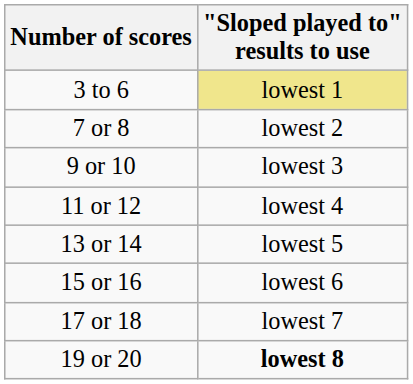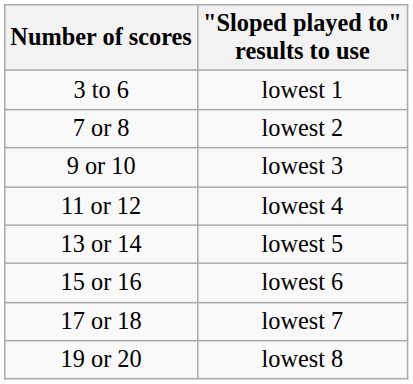 <table class="wikitable" style="float: center;">
 <tr>
 <th>Number of scores</th>
 <th>"Sloped played to"<br>results to use</th>
 </tr>
 <tr>
 <td align="center">3 to 6</td>
-<td align="center" style="background: khaki;">lowest 1</td>
+<td align="center">lowest 1</td>
 </tr>
 <tr>
 <td align="center">7 or 8</td>
 <td align="center">lowest 2</td>
 </tr>
 <tr>
 <td align="center">9 or 10</td>
 <td align="center">lowest 3</td>
 </tr>
 <tr>
 <td align="center">11 or 12</td>
 <td align="center">lowest 4</td>
 </tr>
 <tr>
 <td align="center">13 or 14</td>
 <td align="center">lowest 5</td>
 </tr>
 <tr>
 <td align="center">15 or 16</td>
 <td align="center">lowest 6</td>
 </tr>
 <tr>
 <td align="center">17 or 18</td>
 <td align="center">lowest 7</td>
 </tr>
 <tr>
 <td align="center">19 or 20</td>
-<td align="center"><strong>lowest 8</strong></td>
+<td align="center">lowest 8</td>
 </tr>
 </table>
